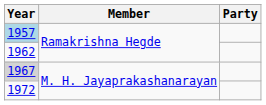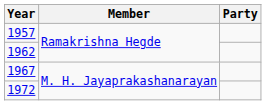 <table class="wikitable sortable">
 <tr>
 <th>Year</th>
 <th>Member</th>
 <th colspan="2">Party</th>
 </tr>
 <tr>
-<td style="background: lightblue;"><a href='#'>1957</a></td>
+<td><a href='#'>1957</a></td>
 <td rowspan="2"><a href='#'>Ramakrishna Hegde</a></td>
 <td></td>
 </tr>
 <tr>
 <td><a href='#'>1962</a></td>
 </tr>
 <tr>
-<td style="background: lightgrey;"><a href='#'>1967</a></td>
+<td><a href='#'>1967</a></td>
 <td rowspan="2"><a href='#'>M. H. Jayaprakashanarayan</a></td>
 <td></td>
 </tr>
 <tr>
 <td><a href='#'>1972</a></td>
 <td></td>
 </tr>
 </table>
